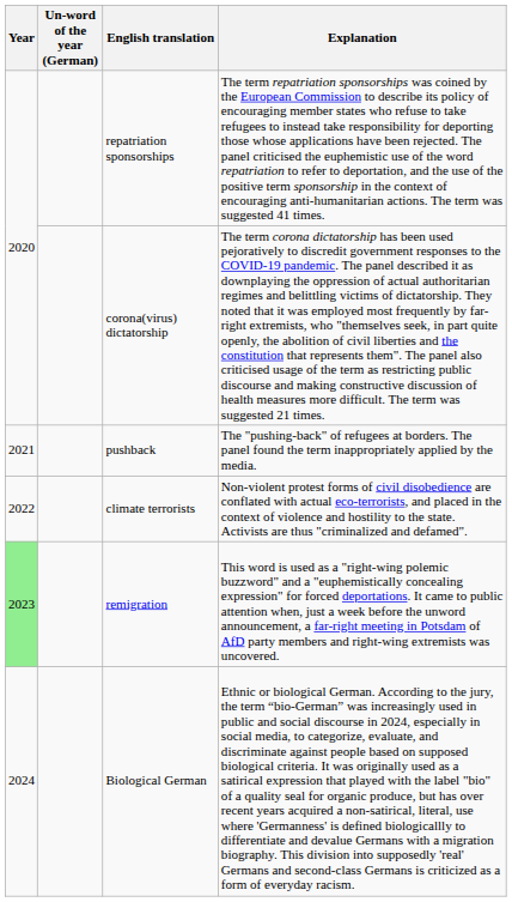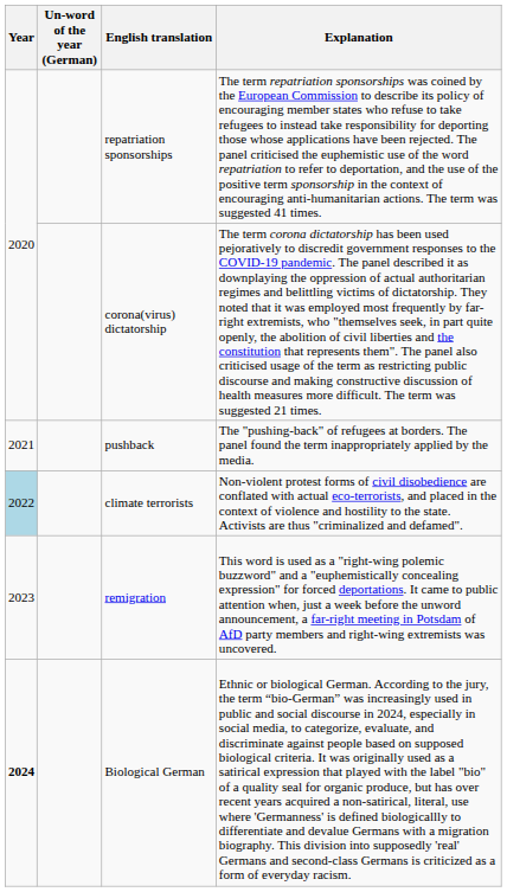 <table class="wikitable">
 <tr>
 <th>Year</th>
 <th>Un-word of the year<br>(German)</th>
 <th>English translation</th>
 <th>Explanation</th>
 </tr>
 <tr>
 <td rowspan=2>2020</td>
 <td></td>
 <td>repatriation sponsorships</td>
 <td>The term <em>repatriation sponsorships</em> was coined by the <a href='#'>European Commission</a> to describe its policy of encouraging member states who refuse to take refugees to instead take responsibility for deporting those whose applications have been rejected. The panel criticised the euphemistic use of the word <em>repatriation</em> to refer to deportation, and the use of the positive term <em>sponsorship</em> in the context of encouraging anti-humanitarian actions. The term was suggested 41 times.</td>
 </tr>
 <tr>
 <td></td>
 <td>corona(virus) dictatorship</td>
 <td>The term <em>corona dictatorship</em> has been used pejoratively to discredit government responses to the <a href='#'>COVID-19 pandemic</a>. The panel described it as downplaying the oppression of actual authoritarian regimes and belittling victims of dictatorship. They noted that it was employed most frequently by far-right extremists, who "themselves seek, in part quite openly, the abolition of civil liberties and <a href='#'>the constitution</a> that represents them". The panel also criticised usage of the term as restricting public discourse and making constructive discussion of health measures more difficult. The term was suggested 21 times.</td>
 </tr>
 <tr>
 <td>2021</td>
 <td></td>
 <td>pushback</td>
 <td>The "pushing-back" of refugees at borders. The panel found the term inappropriately applied by the media.</td>
 </tr>
 <tr>
-<td>2022</td>
+<td style="background: lightblue;">2022</td>
 <td></td>
 <td>climate terrorists</td>
 <td>Non-violent protest forms of <a href='#'>civil disobedience</a> are conflated with actual <a href='#'>eco-terrorists</a>, and placed in the context of violence and hostility to the state. Activists are thus "criminalized and defamed".</td>
 </tr>
 <tr>
-<td style="background: lightgreen;">2023</td>
+<td>2023</td>
 <td></td>
 <td><a href='#'>remigration</a></td>
 <td><br>This word is used as a "right-wing polemic buzzword" and a "euphemistically concealing expression" for forced <a href='#'>deportations</a>. It came to public attention when, just a week before the unword announcement, a <a href='#'>far-right meeting in Potsdam</a> of <a href='#'>AfD</a> party members and right-wing extremists was uncovered.</td>
 </tr>
 <tr>
-<td>2024</td>
+<td><strong>2024</strong></td>
 <td></td>
 <td>Biological German</td>
 <td><br>Ethnic or biological German. According to the jury, the term “bio-German” was increasingly used in public and social discourse in 2024, especially in social media, to categorize, evaluate, and discriminate against people based on supposed biological criteria. It was originally used as a satirical expression that played with the label "bio" of a quality seal for organic produce, but has over recent years acquired a non-satirical, literal, use where 'Germanness' is defined biologicallly to differentiate and devalue Germans with a migration biography. This division into supposedly 'real' Germans and second-class Germans is criticized as a form of everyday racism. </td>
 </tr>
 </table>
